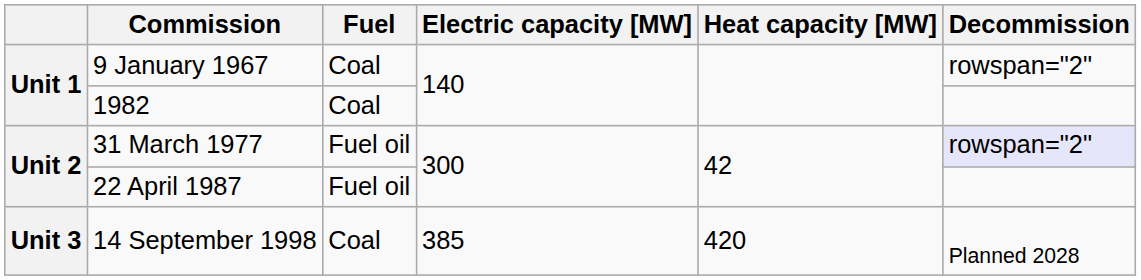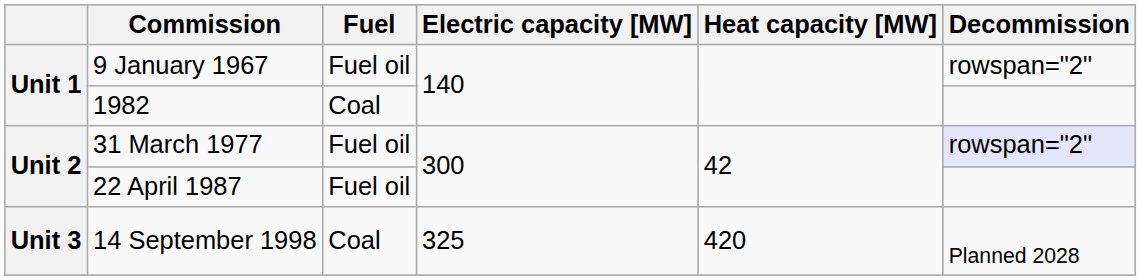 <table class="wikitable">
 <tr>
 <th></th>
 <th>Commission</th>
 <th>Fuel</th>
 <th>Electric capacity [MW]</th>
 <th>Heat capacity [MW]</th>
 <th>Decommission</th>
 </tr>
 <tr>
 <th rowspan="2">Unit 1</th>
 <td>9 January 1967</td>
-<td>Coal</td>
+<td>Fuel oil</td>
 <td rowspan="2">140</td>
 <td rowspan="2"></td>
 <td>rowspan="2" </td>
 </tr>
 <tr>
 <td>1982</td>
 <td>Coal</td>
 </tr>
 <tr>
 <th rowspan="2">Unit 2</th>
 <td>31 March 1977</td>
 <td>Fuel oil</td>
 <td rowspan="2">300</td>
 <td rowspan="2">42</td>
 <td style="background: lavender;">rowspan="2" </td>
 </tr>
 <tr>
 <td>22 April 1987</td>
 <td>Fuel oil</td>
 </tr>
 <tr>
 <th>Unit 3</th>
 <td>14 September 1998</td>
 <td>Coal</td>
-<td>385</td>
+<td>325</td>
 <td>420</td>
 <td> <br><small>Planned 2028</small></td>
 </tr>
 </table>
